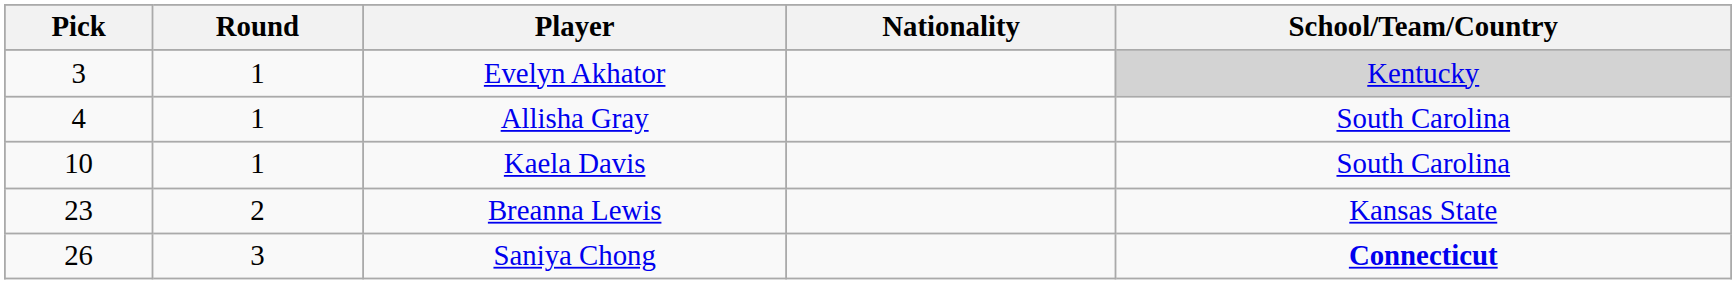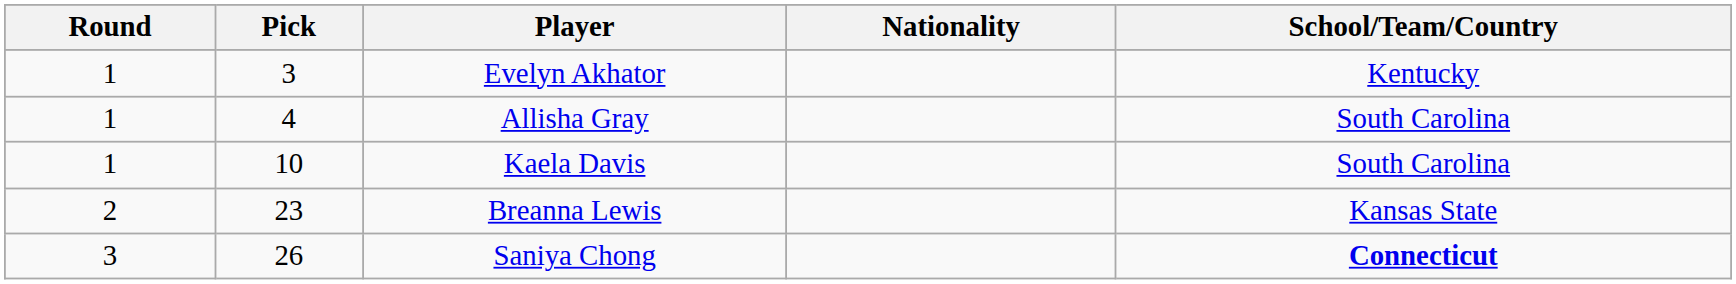 <table class="wikitable" style="text-align:center; width:60em">
 <tr>
+<th>Round</th>
 <th>Pick</th>
-<th>Round</th>
 <th>Player</th>
 <th>Nationality</th>
 <th>School/Team/Country</th>
 </tr>
 <tr>
+<td>1</td>
 <td>3</td>
-<td>1</td>
 <td><a href='#'>Evelyn Akhator</a></td>
 <td></td>
-<td style="background: lightgrey;"><a href='#'>Kentucky</a></td>
+<td><a href='#'>Kentucky</a></td>
 </tr>
 <tr>
+<td>1</td>
 <td>4</td>
-<td>1</td>
 <td><a href='#'>Allisha Gray</a></td>
 <td></td>
 <td><a href='#'>South Carolina</a></td>
 </tr>
 <tr>
+<td>1</td>
 <td>10</td>
-<td>1</td>
 <td><a href='#'>Kaela Davis</a></td>
 <td></td>
 <td><a href='#'>South Carolina</a></td>
 </tr>
 <tr>
+<td>2</td>
 <td>23</td>
-<td>2</td>
 <td><a href='#'>Breanna Lewis</a></td>
 <td></td>
 <td><a href='#'>Kansas State</a></td>
 </tr>
 <tr>
+<td>3</td>
 <td>26</td>
-<td>3</td>
 <td><a href='#'>Saniya Chong</a></td>
 <td></td>
 <td><strong><a href='#'>Connecticut</a></strong></td>
 </tr>
 </table>
